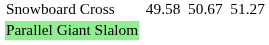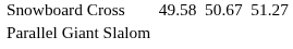 <table>
 <tr>
 <td>Snowboard Cross</td>
 <td></td>
 <td>49.58</td>
 <td></td>
 <td>50.67</td>
 <td></td>
 <td>51.27</td>
 </tr>
 <tr>
-<td style="background: lightgreen;">Parallel Giant Slalom</td>
+<td>Parallel Giant Slalom</td>
 <td colspan=2></td>
 <td colspan=2></td>
 <td colspan=2></td>
 </tr>
 </table>
